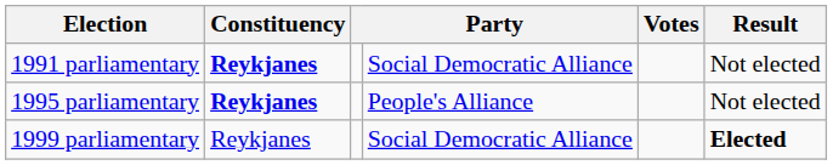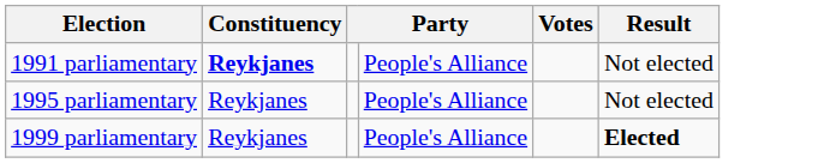 <table class="wikitable" style="text-align:left;">
 <tr>
 <th scope=col>Election</th>
 <th scope=col>Constituency</th>
 <th scope=col colspan="2">Party</th>
 <th scope=col>Votes</th>
 <th scope=col>Result</th>
 </tr>
 <tr>
 <td><a href='#'>1991 parliamentary</a></td>
 <td><strong><a href='#'>Reykjanes</a></strong></td>
 <td style="background:"></td>
-<td><a href='#'>Social Democratic Alliance</a></td>
+<td><a href='#'>People's Alliance</a></td>
 <td align=right></td>
 <td>Not elected</td>
 </tr>
 <tr>
 <td><a href='#'>1995 parliamentary</a></td>
-<td><strong><a href='#'>Reykjanes</a></strong></td>
+<td><a href='#'>Reykjanes</a></td>
 <td style="background:"></td>
 <td><a href='#'>People's Alliance</a></td>
 <td align=right></td>
 <td>Not elected</td>
 </tr>
 <tr>
 <td><a href='#'>1999 parliamentary</a></td>
 <td><a href='#'>Reykjanes</a></td>
 <td style="background:"></td>
-<td><a href='#'>Social Democratic Alliance</a></td>
+<td><a href='#'>People's Alliance</a></td>
 <td align=right></td>
 <td><strong>Elected</strong></td>
 </tr>
 </table>
